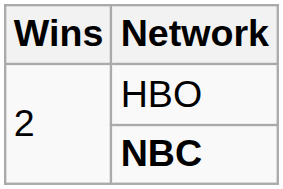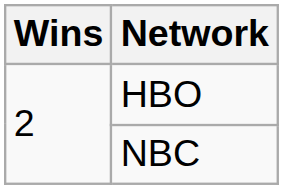 <table class="wikitable">
 <tr>
 <th>Wins</th>
 <th>Network</th>
 </tr>
 <tr>
 <td rowspan="2">2</td>
 <td>HBO</td>
 </tr>
 <tr>
-<td><strong>NBC</strong></td>
+<td>NBC</td>
 </tr>
 </table>
